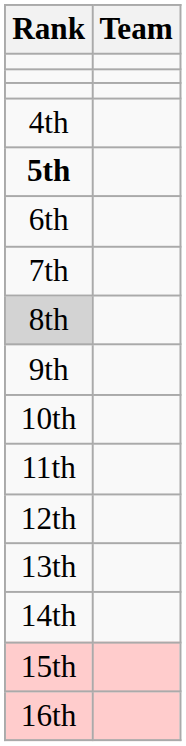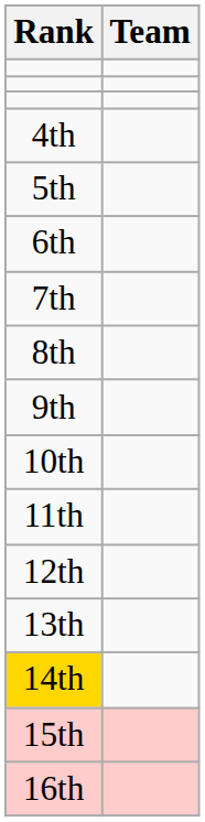 <table class=wikitable style="text-align:center;">
 <tr>
 <th>Rank</th>
 <th>Team</th>
 </tr>
 <tr>
 <td></td>
 <td style="text-align:left"></td>
 </tr>
 <tr>
 <td></td>
 <td style="text-align:left"></td>
 </tr>
 <tr>
 <td></td>
 <td style="text-align:left"></td>
 </tr>
 <tr>
 <td>4th</td>
 <td style="text-align:left"></td>
 </tr>
 <tr>
-<td><strong>5th</strong></td>
+<td>5th</td>
 <td style="text-align:left"></td>
 </tr>
 <tr>
 <td>6th</td>
 <td style="text-align:left"></td>
 </tr>
 <tr>
 <td>7th</td>
 <td style="text-align:left"></td>
 </tr>
 <tr>
-<td style="background: lightgrey;">8th</td>
+<td>8th</td>
 <td style="text-align:left"></td>
 </tr>
 <tr>
 <td>9th</td>
 <td style="text-align:left"></td>
 </tr>
 <tr>
 <td>10th</td>
 <td style="text-align:left"></td>
 </tr>
 <tr>
 <td>11th</td>
 <td style="text-align:left"></td>
 </tr>
 <tr>
 <td>12th</td>
 <td style="text-align:left"></td>
 </tr>
 <tr>
 <td>13th</td>
 <td style="text-align:left"></td>
 </tr>
 <tr>
-<td>14th</td>
+<td style="background: gold;">14th</td>
 <td style="text-align:left"></td>
 </tr>
 <tr bgcolor=#ffcccc>
 <td>15th</td>
 <td style="text-align:left"></td>
 </tr>
 <tr bgcolor=#ffcccc>
 <td>16th</td>
 <td style="text-align:left"></td>
 </tr>
 </table>
